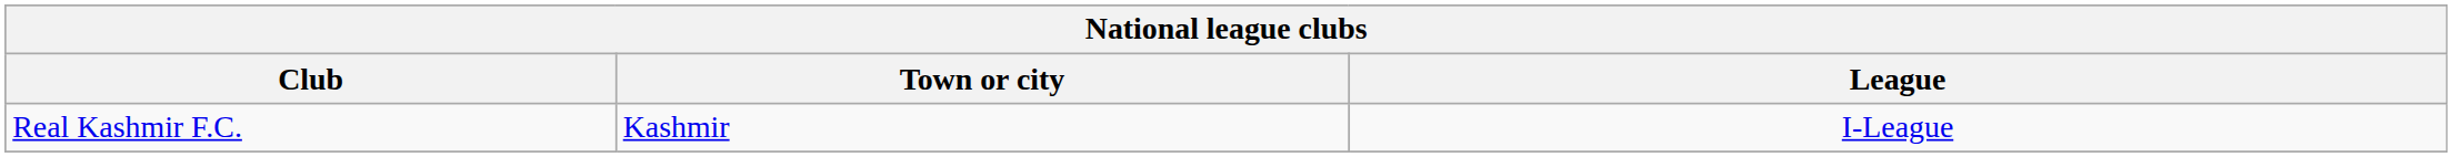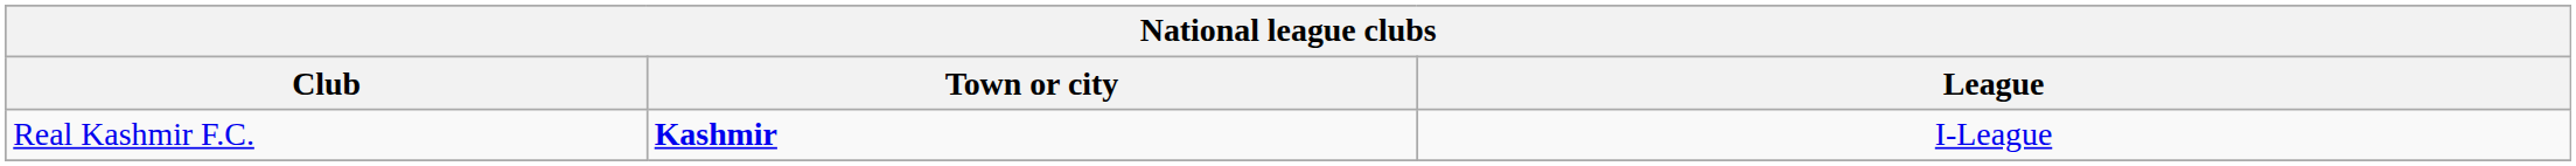 <table class="wikitable sortable" width="100%">
 <tr>
 <th colspan="3">National league clubs</th>
 </tr>
 <tr>
 <th !width="25%">Club</th>
 <th width="30%">Town or city</th>
 <th width="45%">League</th>
 </tr>
 <tr>
 <td><a href='#'>Real Kashmir F.C.</a></td>
-<td><a href='#'>Kashmir</a></td>
+<td><strong><a href='#'>Kashmir</a></strong></td>
 <td align="center"><a href='#'>I-League</a></td>
 </tr>
 </table>
